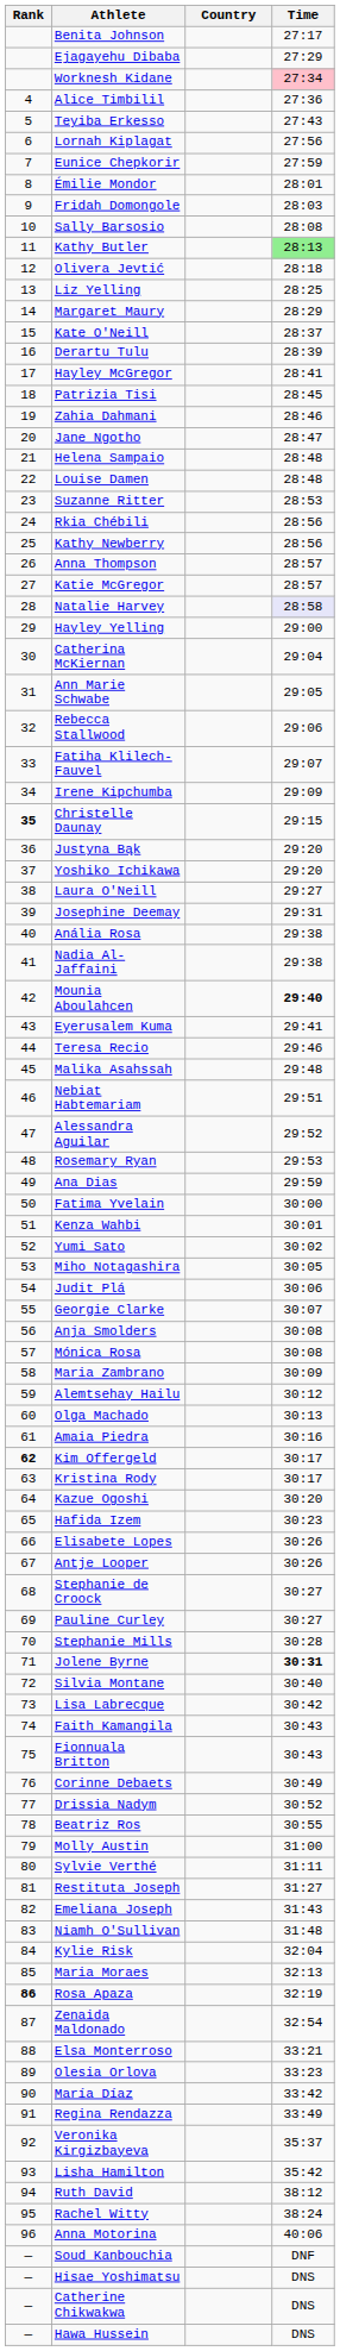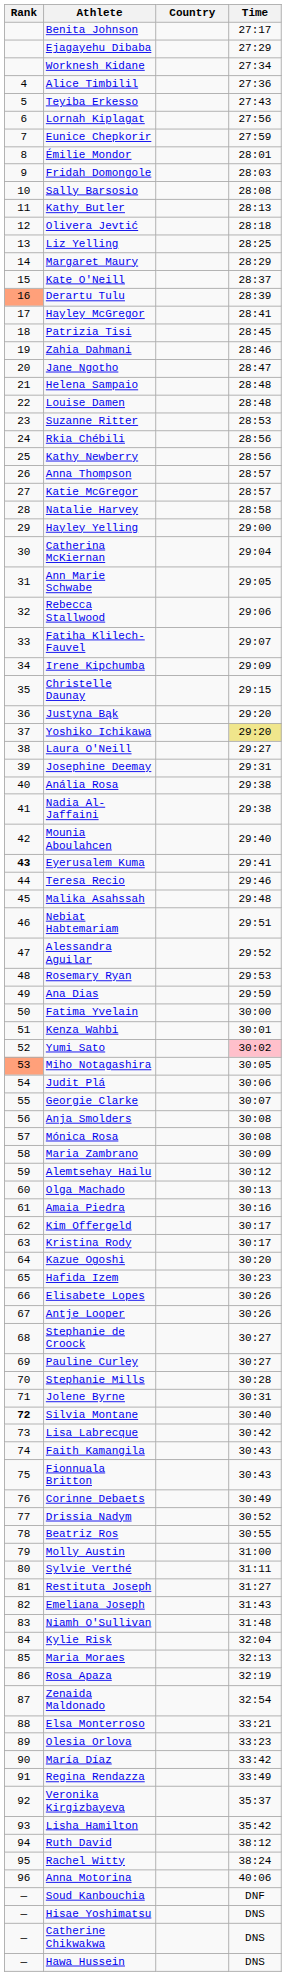 <table class="wikitable sortable" style=" text-align:center; font-size:95%;" width="50%">
 <tr>
 <th width=5%>Rank</th>
 <th width=20%>Athlete</th>
 <th width=15%>Country</th>
 <th width=10%>Time</th>
 </tr>
 <tr>
 <td align=center></td>
 <td align=left><a href='#'>Benita Johnson</a></td>
 <td align=left></td>
 <td>27:17</td>
 </tr>
 <tr>
 <td align=center></td>
 <td align=left><a href='#'>Ejagayehu Dibaba</a></td>
 <td align=left></td>
 <td>27:29</td>
 </tr>
 <tr>
 <td align=center></td>
 <td align=left><a href='#'>Worknesh Kidane</a></td>
 <td align=left></td>
-<td style="background: pink;">27:34</td>
+<td>27:34</td>
 </tr>
 <tr>
 <td align=center>4</td>
 <td align=left><a href='#'>Alice Timbilil</a></td>
 <td align=left></td>
 <td>27:36</td>
 </tr>
 <tr>
 <td align=center>5</td>
 <td align=left><a href='#'>Teyiba Erkesso</a></td>
 <td align=left></td>
 <td>27:43</td>
 </tr>
 <tr>
 <td align=center>6</td>
 <td align=left><a href='#'>Lornah Kiplagat</a></td>
 <td align=left></td>
 <td>27:56</td>
 </tr>
 <tr>
 <td align=center>7</td>
 <td align=left><a href='#'>Eunice Chepkorir</a></td>
 <td align=left></td>
 <td>27:59</td>
 </tr>
 <tr>
 <td align=center>8</td>
 <td align=left><a href='#'>Émilie Mondor</a></td>
 <td align=left></td>
 <td>28:01</td>
 </tr>
 <tr>
 <td align=center>9</td>
 <td align=left><a href='#'>Fridah Domongole</a></td>
 <td align=left></td>
 <td>28:03</td>
 </tr>
 <tr>
 <td align=center>10</td>
 <td align=left><a href='#'>Sally Barsosio</a></td>
 <td align=left></td>
 <td>28:08</td>
 </tr>
 <tr>
 <td align=center>11</td>
 <td align=left><a href='#'>Kathy Butler</a></td>
 <td align=left></td>
-<td style="background: lightgreen;">28:13</td>
+<td>28:13</td>
 </tr>
 <tr>
 <td align=center>12</td>
 <td align=left><a href='#'>Olivera Jevtić</a></td>
 <td align=left></td>
 <td>28:18</td>
 </tr>
 <tr>
 <td align=center>13</td>
 <td align=left><a href='#'>Liz Yelling</a></td>
 <td align=left></td>
 <td>28:25</td>
 </tr>
 <tr>
 <td align=center>14</td>
 <td align=left><a href='#'>Margaret Maury</a></td>
 <td align=left></td>
 <td>28:29</td>
 </tr>
 <tr>
 <td align=center>15</td>
 <td align=left><a href='#'>Kate O'Neill</a></td>
 <td align=left></td>
 <td>28:37</td>
 </tr>
 <tr>
-<td align=center>16</td>
+<td align=center style="background: lightsalmon;">16</td>
 <td align=left><a href='#'>Derartu Tulu</a></td>
 <td align=left></td>
 <td>28:39</td>
 </tr>
 <tr>
 <td align=center>17</td>
 <td align=left><a href='#'>Hayley McGregor</a></td>
 <td align=left></td>
 <td>28:41</td>
 </tr>
 <tr>
 <td align=center>18</td>
 <td align=left><a href='#'>Patrizia Tisi</a></td>
 <td align=left></td>
 <td>28:45</td>
 </tr>
 <tr>
 <td align=center>19</td>
 <td align=left><a href='#'>Zahia Dahmani</a></td>
 <td align=left></td>
 <td>28:46</td>
 </tr>
 <tr>
 <td align=center>20</td>
 <td align=left><a href='#'>Jane Ngotho</a></td>
 <td align=left></td>
 <td>28:47</td>
 </tr>
 <tr>
 <td align=center>21</td>
 <td align=left><a href='#'>Helena Sampaio</a></td>
 <td align=left></td>
 <td>28:48</td>
 </tr>
 <tr>
 <td align=center>22</td>
 <td align=left><a href='#'>Louise Damen</a></td>
 <td align=left></td>
 <td>28:48</td>
 </tr>
 <tr>
 <td align=center>23</td>
 <td align=left><a href='#'>Suzanne Ritter</a></td>
 <td align=left></td>
 <td>28:53</td>
 </tr>
 <tr>
 <td align=center>24</td>
 <td align=left><a href='#'>Rkia Chébili</a></td>
 <td align=left></td>
 <td>28:56</td>
 </tr>
 <tr>
 <td align=center>25</td>
 <td align=left><a href='#'>Kathy Newberry</a></td>
 <td align=left></td>
 <td>28:56</td>
 </tr>
 <tr>
 <td align=center>26</td>
 <td align=left><a href='#'>Anna Thompson</a></td>
 <td align=left></td>
 <td>28:57</td>
 </tr>
 <tr>
 <td align=center>27</td>
 <td align=left><a href='#'>Katie McGregor</a></td>
 <td align=left></td>
 <td>28:57</td>
 </tr>
 <tr>
 <td align=center>28</td>
 <td align=left><a href='#'>Natalie Harvey</a></td>
 <td align=left></td>
-<td style="background: lavender;">28:58</td>
+<td>28:58</td>
 </tr>
 <tr>
 <td align=center>29</td>
 <td align=left><a href='#'>Hayley Yelling</a></td>
 <td align=left></td>
 <td>29:00</td>
 </tr>
 <tr>
 <td align=center>30</td>
 <td align=left><a href='#'>Catherina McKiernan</a></td>
 <td align=left></td>
 <td>29:04</td>
 </tr>
 <tr>
 <td align=center>31</td>
 <td align=left><a href='#'>Ann Marie Schwabe</a></td>
 <td align=left></td>
 <td>29:05</td>
 </tr>
 <tr>
 <td align=center>32</td>
 <td align=left><a href='#'>Rebecca Stallwood</a></td>
 <td align=left></td>
 <td>29:06</td>
 </tr>
 <tr>
 <td align=center>33</td>
 <td align=left><a href='#'>Fatiha Klilech-Fauvel</a></td>
 <td align=left></td>
 <td>29:07</td>
 </tr>
 <tr>
 <td align=center>34</td>
 <td align=left><a href='#'>Irene Kipchumba</a></td>
 <td align=left></td>
 <td>29:09</td>
 </tr>
 <tr>
-<td align=center><strong>35</strong></td>
+<td align=center>35</td>
 <td align=left><a href='#'>Christelle Daunay</a></td>
 <td align=left></td>
 <td>29:15</td>
 </tr>
 <tr>
 <td align=center>36</td>
 <td align=left><a href='#'>Justyna Bąk</a></td>
 <td align=left></td>
 <td>29:20</td>
 </tr>
 <tr>
 <td align=center>37</td>
 <td align=left><a href='#'>Yoshiko Ichikawa</a></td>
 <td align=left></td>
-<td>29:20</td>
+<td style="background: khaki;">29:20</td>
 </tr>
 <tr>
 <td align=center>38</td>
 <td align=left><a href='#'>Laura O'Neill</a></td>
 <td align=left></td>
 <td>29:27</td>
 </tr>
 <tr>
 <td align=center>39</td>
 <td align=left><a href='#'>Josephine Deemay</a></td>
 <td align=left></td>
 <td>29:31</td>
 </tr>
 <tr>
 <td align=center>40</td>
 <td align=left><a href='#'>Anália Rosa</a></td>
 <td align=left></td>
 <td>29:38</td>
 </tr>
 <tr>
 <td align=center>41</td>
 <td align=left><a href='#'>Nadia Al-Jaffaini</a></td>
 <td align=left></td>
 <td>29:38</td>
 </tr>
 <tr>
 <td align=center>42</td>
 <td align=left><a href='#'>Mounia Aboulahcen</a></td>
 <td align=left></td>
-<td><strong>29:40</strong></td>
+<td>29:40</td>
 </tr>
 <tr>
-<td align=center>43</td>
+<td align=center><strong>43</strong></td>
 <td align=left><a href='#'>Eyerusalem Kuma</a></td>
 <td align=left></td>
 <td>29:41</td>
 </tr>
 <tr>
 <td align=center>44</td>
 <td align=left><a href='#'>Teresa Recio</a></td>
 <td align=left></td>
 <td>29:46</td>
 </tr>
 <tr>
 <td align=center>45</td>
 <td align=left><a href='#'>Malika Asahssah</a></td>
 <td align=left></td>
 <td>29:48</td>
 </tr>
 <tr>
 <td align=center>46</td>
 <td align=left><a href='#'>Nebiat Habtemariam</a></td>
 <td align=left></td>
 <td>29:51</td>
 </tr>
 <tr>
 <td align=center>47</td>
 <td align=left><a href='#'>Alessandra Aguilar</a></td>
 <td align=left></td>
 <td>29:52</td>
 </tr>
 <tr>
 <td align=center>48</td>
 <td align=left><a href='#'>Rosemary Ryan</a></td>
 <td align=left></td>
 <td>29:53</td>
 </tr>
 <tr>
 <td align=center>49</td>
 <td align=left><a href='#'>Ana Dias</a></td>
 <td align=left></td>
 <td>29:59</td>
 </tr>
 <tr>
 <td align=center>50</td>
 <td align=left><a href='#'>Fatima Yvelain</a></td>
 <td align=left></td>
 <td>30:00</td>
 </tr>
 <tr>
 <td align=center>51</td>
 <td align=left><a href='#'>Kenza Wahbi</a></td>
 <td align=left></td>
 <td>30:01</td>
 </tr>
 <tr>
 <td align=center>52</td>
 <td align=left><a href='#'>Yumi Sato</a></td>
 <td align=left></td>
-<td>30:02</td>
+<td style="background: pink;">30:02</td>
 </tr>
 <tr>
-<td align=center>53</td>
+<td align=center style="background: lightsalmon;">53</td>
 <td align=left><a href='#'>Miho Notagashira</a></td>
 <td align=left></td>
 <td>30:05</td>
 </tr>
 <tr>
 <td align=center>54</td>
 <td align=left><a href='#'>Judit Plá</a></td>
 <td align=left></td>
 <td>30:06</td>
 </tr>
 <tr>
 <td align=center>55</td>
 <td align=left><a href='#'>Georgie Clarke</a></td>
 <td align=left></td>
 <td>30:07</td>
 </tr>
 <tr>
 <td align=center>56</td>
 <td align=left><a href='#'>Anja Smolders</a></td>
 <td align=left></td>
 <td>30:08</td>
 </tr>
 <tr>
 <td align=center>57</td>
 <td align=left><a href='#'>Mónica Rosa</a></td>
 <td align=left></td>
 <td>30:08</td>
 </tr>
 <tr>
 <td align=center>58</td>
 <td align=left><a href='#'>Maria Zambrano</a></td>
 <td align=left></td>
 <td>30:09</td>
 </tr>
 <tr>
 <td align=center>59</td>
 <td align=left><a href='#'>Alemtsehay Hailu</a></td>
 <td align=left></td>
 <td>30:12</td>
 </tr>
 <tr>
 <td align=center>60</td>
 <td align=left><a href='#'>Olga Machado</a></td>
 <td align=left></td>
 <td>30:13</td>
 </tr>
 <tr>
 <td align=center>61</td>
 <td align=left><a href='#'>Amaia Piedra</a></td>
 <td align=left></td>
 <td>30:16</td>
 </tr>
 <tr>
-<td align=center><strong>62</strong></td>
+<td align=center>62</td>
 <td align=left><a href='#'>Kim Offergeld</a></td>
 <td align=left></td>
 <td>30:17</td>
 </tr>
 <tr>
 <td align=center>63</td>
 <td align=left><a href='#'>Kristina Rody</a></td>
 <td align=left></td>
 <td>30:17</td>
 </tr>
 <tr>
 <td align=center>64</td>
 <td align=left><a href='#'>Kazue Ogoshi</a></td>
 <td align=left></td>
 <td>30:20</td>
 </tr>
 <tr>
 <td align=center>65</td>
 <td align=left><a href='#'>Hafida Izem</a></td>
 <td align=left></td>
 <td>30:23</td>
 </tr>
 <tr>
 <td align=center>66</td>
 <td align=left><a href='#'>Elisabete Lopes</a></td>
 <td align=left></td>
 <td>30:26</td>
 </tr>
 <tr>
 <td align=center>67</td>
 <td align=left><a href='#'>Antje Looper</a></td>
 <td align=left></td>
 <td>30:26</td>
 </tr>
 <tr>
 <td align=center>68</td>
 <td align=left><a href='#'>Stephanie de Croock</a></td>
 <td align=left></td>
 <td>30:27</td>
 </tr>
 <tr>
 <td align=center>69</td>
 <td align=left><a href='#'>Pauline Curley</a></td>
 <td align=left></td>
 <td>30:27</td>
 </tr>
 <tr>
 <td align=center>70</td>
 <td align=left><a href='#'>Stephanie Mills</a></td>
 <td align=left></td>
 <td>30:28</td>
 </tr>
 <tr>
 <td align=center>71</td>
 <td align=left><a href='#'>Jolene Byrne</a></td>
 <td align=left></td>
-<td><strong>30:31</strong></td>
+<td>30:31</td>
 </tr>
 <tr>
-<td align=center>72</td>
+<td align=center><strong>72</strong></td>
 <td align=left><a href='#'>Silvia Montane</a></td>
 <td align=left></td>
 <td>30:40</td>
 </tr>
 <tr>
 <td align=center>73</td>
 <td align=left><a href='#'>Lisa Labrecque</a></td>
 <td align=left></td>
 <td>30:42</td>
 </tr>
 <tr>
 <td align=center>74</td>
 <td align=left><a href='#'>Faith Kamangila</a></td>
 <td align=left></td>
 <td>30:43</td>
 </tr>
 <tr>
 <td align=center>75</td>
 <td align=left><a href='#'>Fionnuala Britton</a></td>
 <td align=left></td>
 <td>30:43</td>
 </tr>
 <tr>
 <td align=center>76</td>
 <td align=left><a href='#'>Corinne Debaets</a></td>
 <td align=left></td>
 <td>30:49</td>
 </tr>
 <tr>
 <td align=center>77</td>
 <td align=left><a href='#'>Drissia Nadym</a></td>
 <td align=left></td>
 <td>30:52</td>
 </tr>
 <tr>
 <td align=center>78</td>
 <td align=left><a href='#'>Beatriz Ros</a></td>
 <td align=left></td>
 <td>30:55</td>
 </tr>
 <tr>
 <td align=center>79</td>
 <td align=left><a href='#'>Molly Austin</a></td>
 <td align=left></td>
 <td>31:00</td>
 </tr>
 <tr>
 <td align=center>80</td>
 <td align=left><a href='#'>Sylvie Verthé</a></td>
 <td align=left></td>
 <td>31:11</td>
 </tr>
 <tr>
 <td align=center>81</td>
 <td align=left><a href='#'>Restituta Joseph</a></td>
 <td align=left></td>
 <td>31:27</td>
 </tr>
 <tr>
 <td align=center>82</td>
 <td align=left><a href='#'>Emeliana Joseph</a></td>
 <td align=left></td>
 <td>31:43</td>
 </tr>
 <tr>
 <td align=center>83</td>
 <td align=left><a href='#'>Niamh O'Sullivan</a></td>
 <td align=left></td>
 <td>31:48</td>
 </tr>
 <tr>
 <td align=center>84</td>
 <td align=left><a href='#'>Kylie Risk</a></td>
 <td align=left></td>
 <td>32:04</td>
 </tr>
 <tr>
 <td align=center>85</td>
 <td align=left><a href='#'>Maria Moraes</a></td>
 <td align=left></td>
 <td>32:13</td>
 </tr>
 <tr>
-<td align=center><strong>86</strong></td>
+<td align=center>86</td>
 <td align=left><a href='#'>Rosa Apaza</a></td>
 <td align=left></td>
 <td>32:19</td>
 </tr>
 <tr>
 <td align=center>87</td>
 <td align=left><a href='#'>Zenaida Maldonado</a></td>
 <td align=left></td>
 <td>32:54</td>
 </tr>
 <tr>
 <td align=center>88</td>
 <td align=left><a href='#'>Elsa Monterroso</a></td>
 <td align=left></td>
 <td>33:21</td>
 </tr>
 <tr>
 <td align=center>89</td>
 <td align=left><a href='#'>Olesia Orlova</a></td>
 <td align=left></td>
 <td>33:23</td>
 </tr>
 <tr>
 <td align=center>90</td>
 <td align=left><a href='#'>María Díaz</a></td>
 <td align=left></td>
 <td>33:42</td>
 </tr>
 <tr>
 <td align=center>91</td>
 <td align=left><a href='#'>Regina Rendazza</a></td>
 <td align=left></td>
 <td>33:49</td>
 </tr>
 <tr>
 <td align=center>92</td>
 <td align=left><a href='#'>Veronika Kirgizbayeva</a></td>
 <td align=left></td>
 <td>35:37</td>
 </tr>
 <tr>
 <td align=center>93</td>
 <td align=left><a href='#'>Lisha Hamilton</a></td>
 <td align=left></td>
 <td>35:42</td>
 </tr>
 <tr>
 <td align=center>94</td>
 <td align=left><a href='#'>Ruth David</a></td>
 <td align=left></td>
 <td>38:12</td>
 </tr>
 <tr>
 <td align=center>95</td>
 <td align=left><a href='#'>Rachel Witty</a></td>
 <td align=left></td>
 <td>38:24</td>
 </tr>
 <tr>
 <td align=center>96</td>
 <td align=left><a href='#'>Anna Motorina</a></td>
 <td align=left></td>
 <td>40:06</td>
 </tr>
 <tr>
 <td align=center>—</td>
 <td align=left><a href='#'>Soud Kanbouchia</a></td>
 <td align=left></td>
 <td>DNF</td>
 </tr>
 <tr>
 <td align=center>—</td>
 <td align=left><a href='#'>Hisae Yoshimatsu</a></td>
 <td align=left></td>
 <td>DNS</td>
 </tr>
 <tr>
 <td align=center>—</td>
 <td align=left><a href='#'>Catherine Chikwakwa</a></td>
 <td align=left></td>
 <td>DNS</td>
 </tr>
 <tr>
 <td align=center>—</td>
 <td align=left><a href='#'>Hawa Hussein</a></td>
 <td align=left></td>
 <td>DNS</td>
 </tr>
 </table>
